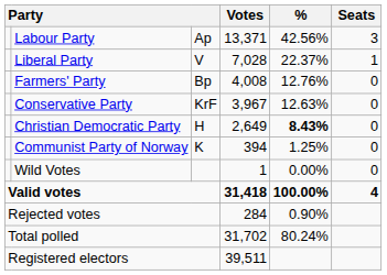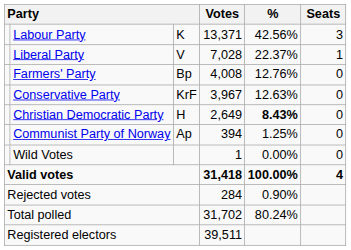 <table class="wikitable" border="1" style="text-align:right;">
 <tr>
 <th style="text-align:left;" colspan=3>Party</th>
 <th align=center width="50">Votes</th>
 <th align=center width="50">%</th>
 <th align=center width="50">Seats</th>
 </tr>
 <tr>
 <td style="color:inherit;background:"></td>
 <td align=left><a href='#'>Labour Party</a></td>
-<td align=left>Ap</td>
+<td align=left>K</td>
 <td>13,371</td>
 <td>42.56%</td>
 <td>3</td>
 </tr>
 <tr>
 <td style="color:inherit;background:"></td>
 <td align=left><a href='#'>Liberal Party</a></td>
 <td align=left>V</td>
 <td>7,028</td>
 <td>22.37%</td>
 <td>1</td>
 </tr>
 <tr>
 <td style="color:inherit;background:"></td>
 <td align=left><a href='#'>Farmers' Party</a></td>
 <td align=left>Bp</td>
 <td>4,008</td>
 <td>12.76%</td>
 <td>0</td>
 </tr>
 <tr>
 <td style="color:inherit;background:"></td>
 <td align=left><a href='#'>Conservative Party</a></td>
 <td align=left>KrF</td>
 <td>3,967</td>
 <td>12.63%</td>
 <td>0</td>
 </tr>
 <tr>
 <td style="color:inherit;background:"></td>
 <td align=left><a href='#'>Christian Democratic Party</a></td>
 <td align=left>H</td>
 <td>2,649</td>
 <td><strong>8.43%</strong></td>
 <td>0</td>
 </tr>
 <tr>
 <td style="color:inherit;background:"></td>
 <td align=left><a href='#'>Communist Party of Norway</a></td>
-<td align=left>K</td>
+<td align=left>Ap</td>
 <td>394</td>
 <td>1.25%</td>
 <td>0</td>
 </tr>
 <tr>
 <td></td>
 <td align=left>Wild Votes</td>
 <td align=left></td>
 <td>1</td>
 <td>0.00%</td>
 <td>0</td>
 </tr>
 <tr style="font-weight:bold">
 <td align=left colspan=3>Valid votes</td>
 <td>31,418</td>
 <td>100.00%</td>
 <td>4</td>
 </tr>
 <tr>
 <td align=left colspan=3>Rejected votes</td>
 <td>284</td>
 <td>0.90%</td>
 <td></td>
 </tr>
 <tr>
 <td align=left colspan=3>Total polled</td>
 <td>31,702</td>
 <td>80.24%</td>
 <td></td>
 </tr>
 <tr>
 <td align=left colspan=3>Registered electors</td>
 <td>39,511</td>
 <td></td>
 <td></td>
 </tr>
 </table>
